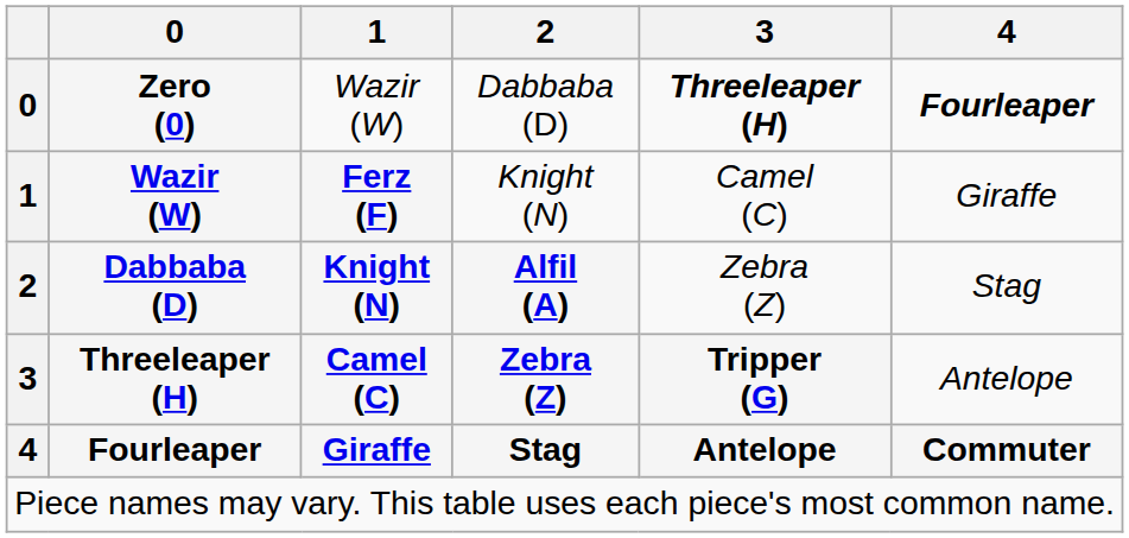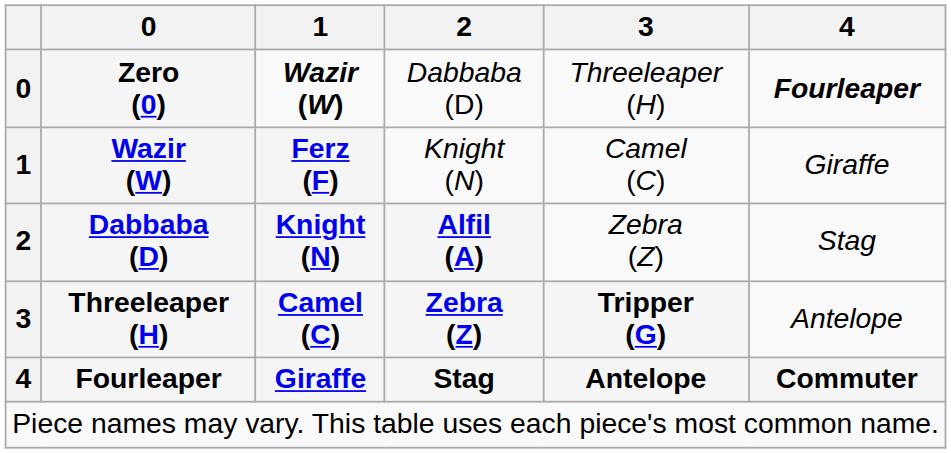 <table class="wikitable" align=right border="1" style="text-align:center">
 <tr>
 <th></th>
 <th>0</th>
 <th>1</th>
 <th>2</th>
 <th>3</th>
 <th>4</th>
 </tr>
 <tr>
 <th>0</th>
 <td style="background:#f5f5f5"><strong>Zero<br>(<a href='#'>0</a>)</strong></td>
-<td><em>Wazir</em><br>(<em>W</em>)</td>
+<td><strong><em>Wazir</em><br>(<em>W</em>)</strong></td>
 <td><em>Dabbaba</em><br>(D)</td>
-<td><strong><em>Threeleaper</em><br>(<em>H</em>)</strong></td>
+<td><em>Threeleaper</em><br>(<em>H</em>)</td>
 <td><strong><em>Fourleaper<br></em></strong></td>
 </tr>
 <tr>
 <th>1</th>
 <td style="background:#f5f5f5"><strong><a href='#'>Wazir</a><br>(<a href='#'>W</a>)</strong></td>
 <td style="background:#f5f5f5"><strong><a href='#'>Ferz</a><br>(<a href='#'>F</a>)</strong></td>
 <td><em>Knight</em><br>(<em>N</em>)</td>
 <td><em>Camel</em><br>(<em>C</em>)</td>
 <td><em>Giraffe</em></td>
 </tr>
 <tr>
 <th>2</th>
 <td style="background:#f5f5f5"><strong><a href='#'>Dabbaba</a><br>(<a href='#'>D</a>)</strong></td>
 <td style="background:#f5f5f5"><strong><a href='#'>Knight</a><br>(<a href='#'>N</a>)</strong></td>
 <td style="background:#f5f5f5"><strong><a href='#'>Alfil</a><br>(<a href='#'>A</a>)</strong></td>
 <td><em>Zebra</em><br>(<em>Z</em>)</td>
 <td><em>Stag</em></td>
 </tr>
 <tr>
 <th>3</th>
 <td style="background:#f5f5f5"><strong>Threeleaper<br>(<a href='#'>H</a>)</strong></td>
 <td style="background:#f5f5f5"><strong><a href='#'>Camel</a><br>(<a href='#'>C</a>)</strong></td>
 <td style="background:#f5f5f5"><strong><a href='#'>Zebra</a><br>(<a href='#'>Z</a>)</strong></td>
 <td style="background:#f5f5f5"><strong>Tripper<br>(<a href='#'>G</a>)</strong></td>
 <td><em>Antelope</em></td>
 </tr>
 <tr>
 <th>4</th>
 <td style="background:#f5f5f5"><strong>Fourleaper<br></strong></td>
 <td style="background:#f5f5f5"><strong><a href='#'>Giraffe</a></strong></td>
 <td style="background:#f5f5f5"><strong>Stag</strong></td>
 <td style="background:#f5f5f5"><strong>Antelope</strong></td>
 <td style="background:#f5f5f5"><strong>Commuter</strong></td>
 </tr>
 <tr>
 <td colspan="7" style="text-align:center;">Piece names may vary. This table uses each piece's most common name.</td>
 </tr>
 </table>
